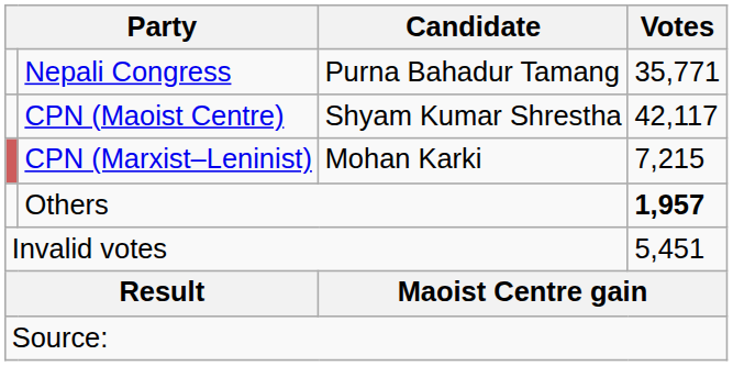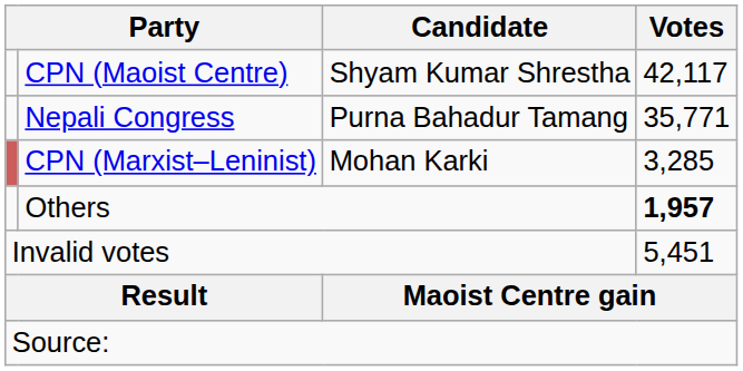 <table class="wikitable">
 <tr>
 <th colspan="2">Party</th>
 <th>Candidate</th>
 <th>Votes</th>
 </tr>
 <tr>
 <td style="background-color:"></td>
+<td><a href='#'>CPN (Maoist Centre)</a></td>
+<td>Shyam Kumar Shrestha</td>
+<td>42,117</td>
+</tr>
+<tr>
+<td style="background-color:"></td>
 <td><a href='#'>Nepali Congress</a></td>
 <td>Purna Bahadur Tamang</td>
 <td>35,771</td>
 </tr>
 <tr>
-<td style="background-color:"></td>
-<td><a href='#'>CPN (Maoist Centre)</a></td>
-<td>Shyam Kumar Shrestha</td>
-<td>42,117</td>
-</tr>
-<tr>
 <td style="background-color:indianred"></td>
 <td><a href='#'>CPN (Marxist–Leninist)</a></td>
 <td>Mohan Karki</td>
-<td>7,215</td>
+<td>3,285</td>
 </tr>
 <tr>
 <td></td>
 <td colspan="2">Others</td>
 <td><strong>1,957</strong></td>
 </tr>
 <tr>
 <td colspan="3">Invalid votes</td>
 <td>5,451</td>
 </tr>
 <tr>
 <th colspan="2">Result</th>
 <th colspan="2">Maoist Centre gain</th>
 </tr>
 <tr>
 <td colspan="4">Source: </td>
 </tr>
 </table>
